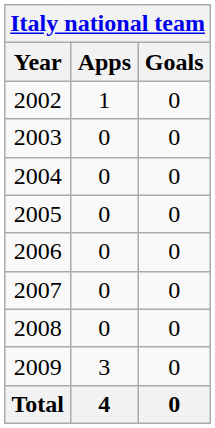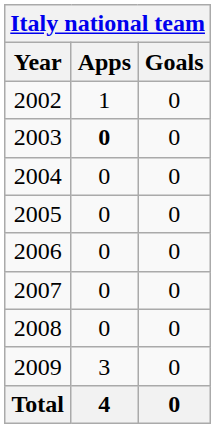 <table class="wikitable" style="text-align:center">
 <tr>
 <th colspan=3><a href='#'>Italy national team</a></th>
 </tr>
 <tr>
 <th>Year</th>
 <th>Apps</th>
 <th>Goals</th>
 </tr>
 <tr>
 <td>2002</td>
 <td>1</td>
 <td>0</td>
 </tr>
 <tr>
 <td>2003</td>
-<td>0</td>
+<td><strong>0</strong></td>
 <td>0</td>
 </tr>
 <tr>
 <td>2004</td>
 <td>0</td>
 <td>0</td>
 </tr>
 <tr>
 <td>2005</td>
 <td>0</td>
 <td>0</td>
 </tr>
 <tr>
 <td>2006</td>
 <td>0</td>
 <td>0</td>
 </tr>
 <tr>
 <td>2007</td>
 <td>0</td>
 <td>0</td>
 </tr>
 <tr>
 <td>2008</td>
 <td>0</td>
 <td>0</td>
 </tr>
 <tr>
 <td>2009</td>
 <td>3</td>
 <td>0</td>
 </tr>
 <tr>
 <th>Total</th>
 <th>4</th>
 <th>0</th>
 </tr>
 </table>
